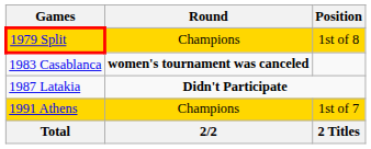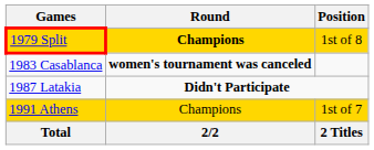 <table class="wikitable" style="font-size: 90%; text-align:center; font-size:85%;">
 <tr>
 <th>Games</th>
 <th>Round</th>
 <th>Position</th>
 </tr>
 <tr style="background:gold;">
 <td align="left"style="border: 3px solid red"> <a href='#'>1979 Split</a></td>
-<td>Champions</td>
+<td><strong>Champions</strong></td>
 <td>1st of 8</td>
 </tr>
 <tr>
 <td align="left"> <a href='#'>1983 Casablanca</a></td>
 <td><strong>women's tournament was canceled</strong></td>
 </tr>
 <tr style=>
 <td align="left"> <a href='#'>1987 Latakia</a></td>
 <td colspan="2"><strong>Didn't Participate</strong></td>
 </tr>
 <tr - style="background:gold;">
 <td align="left"> <a href='#'>1991 Athens</a></td>
 <td>Champions</td>
 <td>1st of 7</td>
 </tr>
 <tr>
 <th>Total</th>
 <th>2/2</th>
 <th>2 Titles</th>
 </tr>
 </table>
